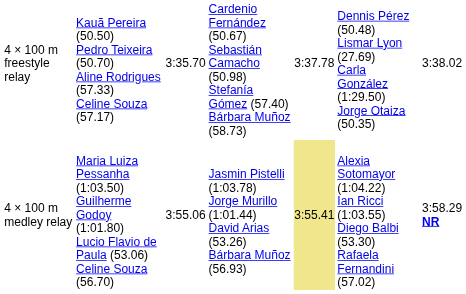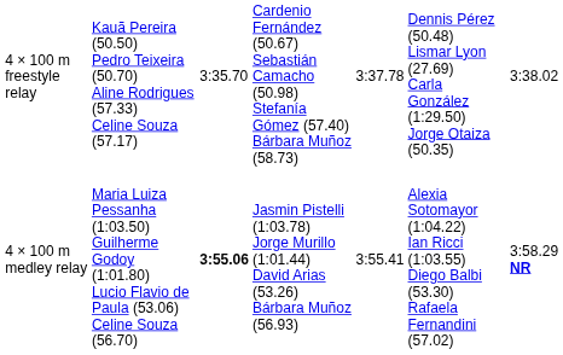 <table>
 <tr>
 <td>4 × 100 m freestyle relay</td>
 <td><br><a href='#'>Kauã Pereira</a> (50.50)<br><a href='#'>Pedro Teixeira</a> (50.70)<br><a href='#'>Aline Rodrigues</a> (57.33)<br><a href='#'>Celine Souza</a> (57.17)</td>
 <td>3:35.70</td>
 <td><br><a href='#'>Cardenio Fernández</a> (50.67)<br><a href='#'>Sebastián Camacho</a> (50.98)<br><a href='#'>Stefanía Gómez</a> (57.40)<br><a href='#'>Bárbara Muñoz</a> (58.73)</td>
 <td>3:37.78</td>
 <td><br><a href='#'>Dennis Pérez</a> (50.48)<br><a href='#'>Lismar Lyon</a> (27.69)<br><a href='#'>Carla González</a> (1:29.50)<br><a href='#'>Jorge Otaiza</a> (50.35)</td>
 <td>3:38.02</td>
 </tr>
 <tr>
 <td>4 × 100 m medley relay</td>
 <td><br><a href='#'>Maria Luiza Pessanha</a> (1:03.50)<br><a href='#'>Guilherme Godoy</a> (1:01.80)<br><a href='#'>Lucio Flavio de Paula</a> (53.06)<br><a href='#'>Celine Souza</a> (56.70)</td>
-<td>3:55.06</td>
+<td><strong>3:55.06</strong></td>
 <td><br><a href='#'>Jasmin Pistelli</a> (1:03.78)<br><a href='#'>Jorge Murillo</a> (1:01.44)<br><a href='#'>David Arias</a> (53.26)<br><a href='#'>Bárbara Muñoz</a> (56.93)</td>
-<td style="background: khaki;">3:55.41</td>
+<td>3:55.41</td>
 <td><br><a href='#'>Alexia Sotomayor</a> (1:04.22)<br><a href='#'>Ian Ricci</a> (1:03.55)<br><a href='#'>Diego Balbi</a> (53.30)<br><a href='#'>Rafaela Fernandini</a> (57.02)</td>
 <td>3:58.29 <strong><a href='#'>NR</a></strong></td>
 </tr>
 <tr>
 </tr>
 </table>
